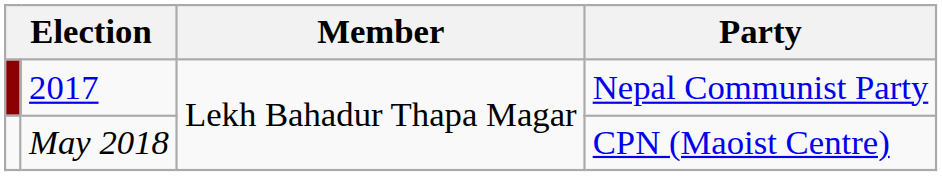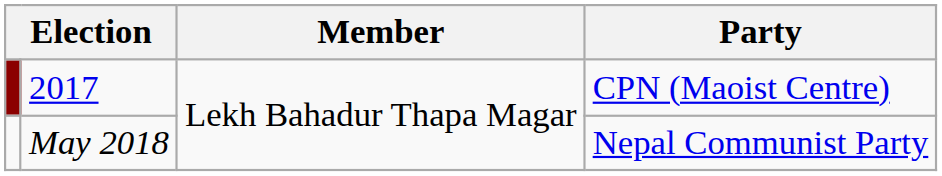 <table class="wikitable">
 <tr>
 <th colspan="2">Election</th>
 <th>Member</th>
 <th>Party</th>
 </tr>
 <tr>
 <td style="background-color:darkred"></td>
 <td><a href='#'>2017</a></td>
 <td rowspan="2">Lekh Bahadur Thapa Magar</td>
-<td><a href='#'>Nepal Communist Party</a></td>
+<td><a href='#'>CPN (Maoist Centre)</a></td>
 </tr>
 <tr>
 <td style="background-color:"></td>
 <td><em>May 2018</em></td>
-<td><a href='#'>CPN (Maoist Centre)</a></td>
+<td><a href='#'>Nepal Communist Party</a></td>
 </tr>
 </table>
